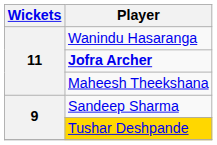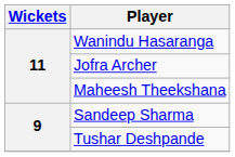 <table class="wikitable">
 <tr>
 <th scope=col><a href='#'>Wickets</a></th>
 <th scope=col>Player</th>
 </tr>
 <tr>
 <th scope=row rowspan=3>11</th>
 <td><a href='#'>Wanindu Hasaranga</a></td>
 </tr>
 <tr>
-<td><strong><a href='#'>Jofra Archer</a></strong></td>
+<td><a href='#'>Jofra Archer</a></td>
 </tr>
 <tr>
 <td><a href='#'>Maheesh Theekshana</a></td>
 </tr>
 <tr>
 <th scope=row rowspan=2>9</th>
 <td><a href='#'>Sandeep Sharma</a></td>
 </tr>
 <tr>
-<td style="background: gold;"><a href='#'>Tushar Deshpande</a></td>
+<td><a href='#'>Tushar Deshpande</a></td>
 </tr>
 <tr>
 </tr>
 </table>
